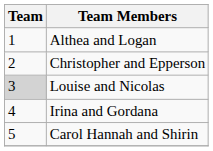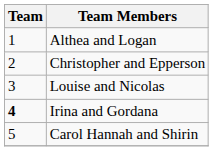 <table class="wikitable">
 <tr>
 <th>Team</th>
 <th>Team Members</th>
 </tr>
 <tr>
 <td>1</td>
 <td>Althea and Logan</td>
 </tr>
 <tr>
 <td>2</td>
 <td>Christopher and Epperson</td>
 </tr>
 <tr>
-<td style="background: lightgrey;">3</td>
+<td>3</td>
 <td>Louise and Nicolas</td>
 </tr>
 <tr>
-<td>4</td>
+<td><strong>4</strong></td>
 <td>Irina and Gordana</td>
 </tr>
 <tr>
 <td>5</td>
 <td>Carol Hannah and Shirin</td>
 </tr>
 <tr>
 </tr>
 </table>
